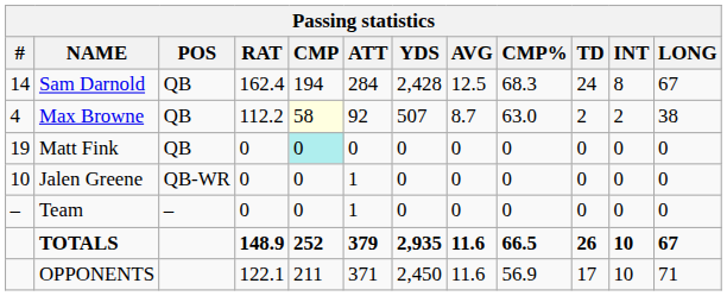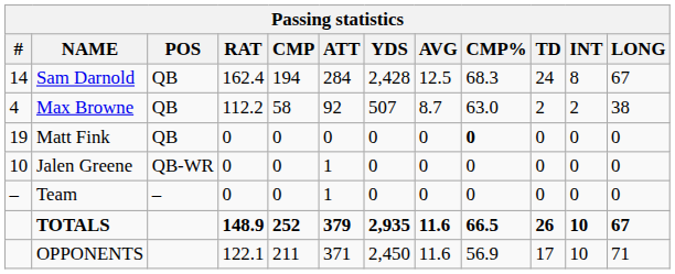 <table class="wikitable sortable collapsible collapsed">
 <tr>
 <th colspan="12">Passing statistics</th>
 </tr>
 <tr>
 <th>#</th>
 <th>NAME</th>
 <th>POS</th>
 <th>RAT</th>
 <th>CMP</th>
 <th>ATT</th>
 <th>YDS</th>
 <th>AVG</th>
 <th>CMP%</th>
 <th>TD</th>
 <th>INT</th>
 <th>LONG</th>
 </tr>
 <tr>
 <td>14</td>
 <td><a href='#'>Sam Darnold</a></td>
 <td>QB</td>
 <td>162.4</td>
 <td>194</td>
 <td>284</td>
 <td>2,428</td>
 <td>12.5</td>
 <td>68.3</td>
 <td>24</td>
 <td>8</td>
 <td>67</td>
 </tr>
 <tr>
 <td>4</td>
 <td><a href='#'>Max Browne</a></td>
 <td>QB</td>
 <td>112.2</td>
-<td style="background: lightyellow;">58</td>
+<td>58</td>
 <td>92</td>
 <td>507</td>
 <td>8.7</td>
 <td>63.0</td>
 <td>2</td>
 <td>2</td>
 <td>38</td>
 </tr>
 <tr>
 <td>19</td>
 <td>Matt Fink</td>
 <td>QB</td>
 <td>0</td>
-<td style="background: paleturquoise;">0</td>
 <td>0</td>
 <td>0</td>
 <td>0</td>
 <td>0</td>
+<td><strong>0</strong></td>
 <td>0</td>
 <td>0</td>
 <td>0</td>
 </tr>
 <tr>
 <td>10</td>
 <td>Jalen Greene</td>
 <td>QB-WR</td>
 <td>0</td>
 <td>0</td>
 <td>1</td>
 <td>0</td>
 <td>0</td>
 <td>0</td>
 <td>0</td>
 <td>0</td>
 <td>0</td>
 </tr>
 <tr>
 <td>–</td>
 <td>Team</td>
 <td>–</td>
 <td>0</td>
 <td>0</td>
 <td>1</td>
 <td>0</td>
 <td>0</td>
 <td>0</td>
 <td>0</td>
 <td>0</td>
 <td>0</td>
 </tr>
 <tr>
 <td></td>
 <td><strong>TOTALS</strong></td>
 <td></td>
 <td><strong>148.9</strong></td>
 <td><strong>252</strong></td>
 <td><strong>379</strong></td>
 <td><strong>2,935</strong></td>
 <td><strong>11.6</strong></td>
 <td><strong>66.5</strong></td>
 <td><strong>26</strong></td>
 <td><strong>10</strong></td>
 <td><strong>67</strong></td>
 </tr>
 <tr>
 <td></td>
 <td>OPPONENTS</td>
 <td></td>
 <td>122.1</td>
 <td>211</td>
 <td>371</td>
 <td>2,450</td>
 <td>11.6</td>
 <td>56.9</td>
 <td>17</td>
 <td>10</td>
 <td>71</td>
 </tr>
 </table>
